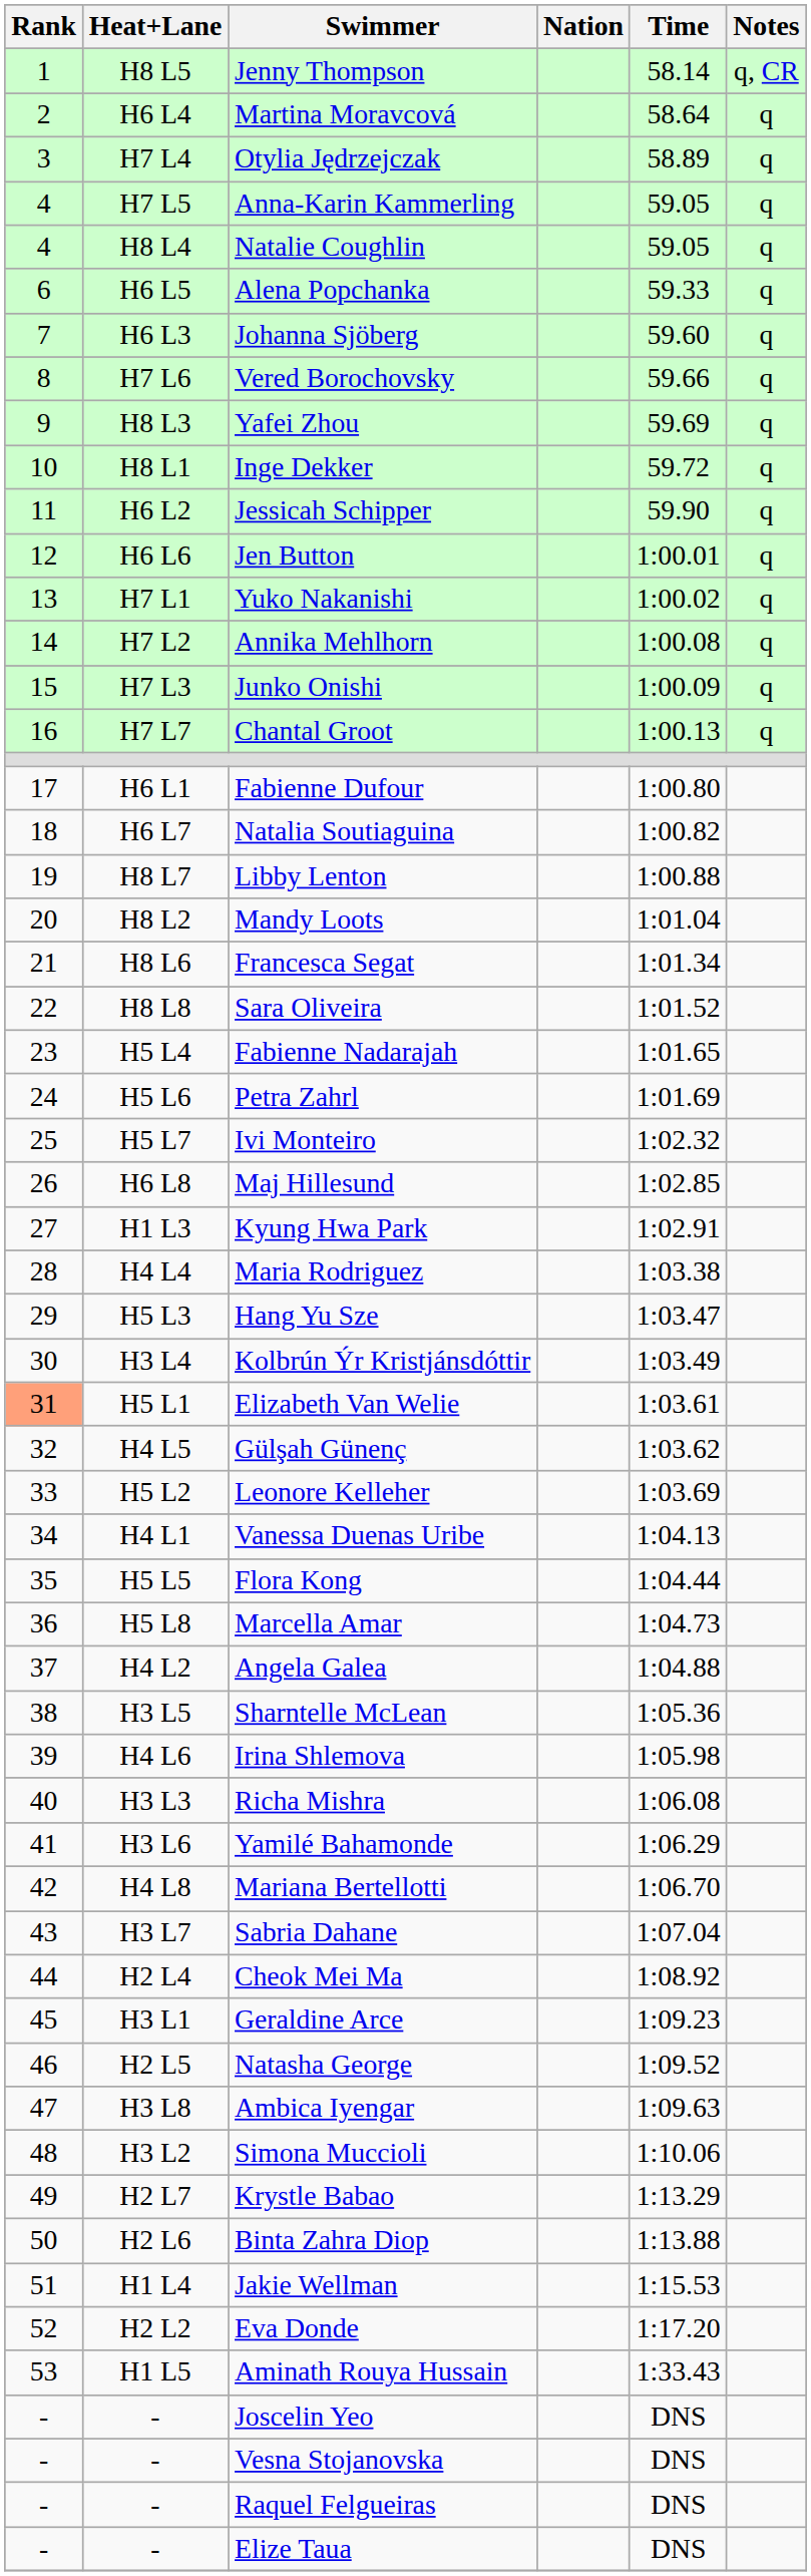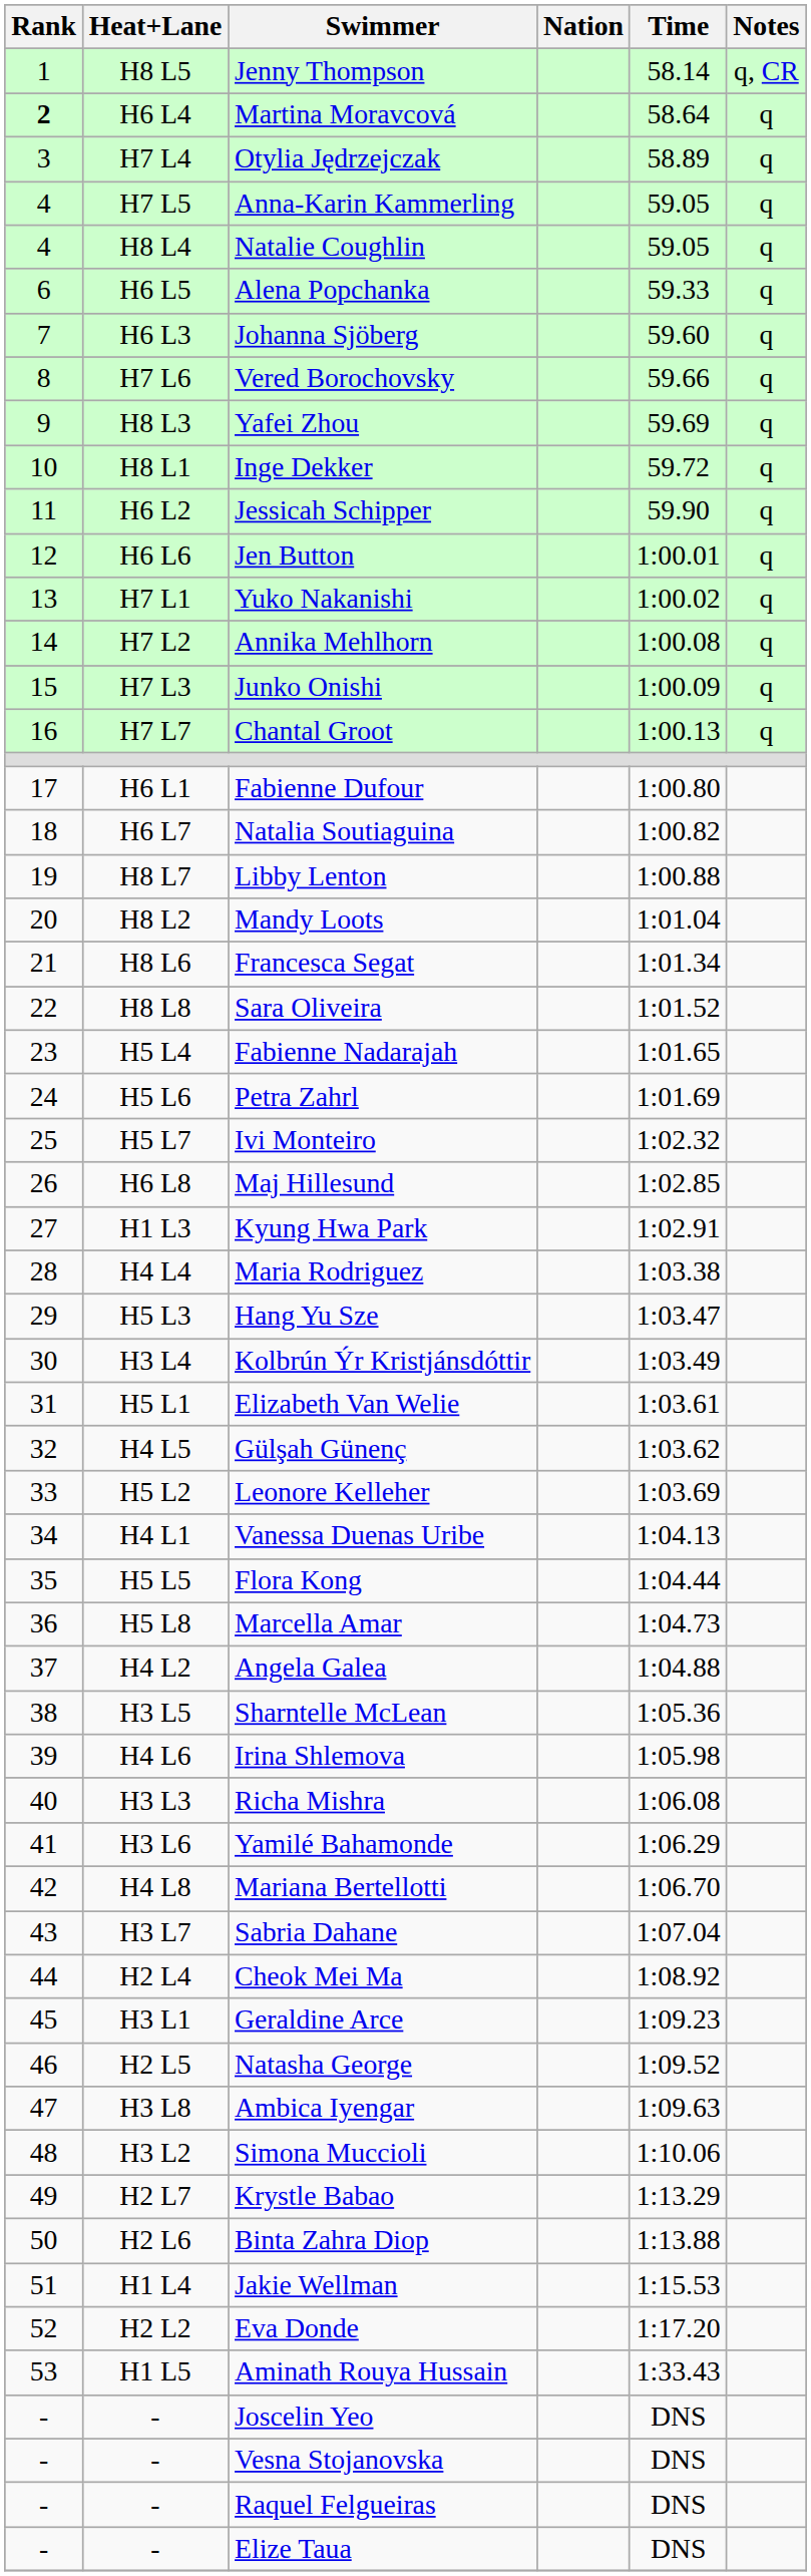 <table class="wikitable sortable" style="text-align:center">
 <tr>
 <th>Rank</th>
 <th>Heat+Lane</th>
 <th>Swimmer</th>
 <th>Nation</th>
 <th>Time</th>
 <th>Notes</th>
 </tr>
 <tr bgcolor=ccffcc>
 <td>1</td>
 <td>H8 L5</td>
 <td align=left><a href='#'>Jenny Thompson</a></td>
 <td align=left></td>
 <td>58.14</td>
 <td>q, <a href='#'>CR</a></td>
 </tr>
 <tr bgcolor=ccffcc>
-<td>2</td>
+<td><strong>2</strong></td>
 <td>H6 L4</td>
 <td align=left><a href='#'>Martina Moravcová</a></td>
 <td align=left></td>
 <td>58.64</td>
 <td>q</td>
 </tr>
 <tr bgcolor=ccffcc>
 <td>3</td>
 <td>H7 L4</td>
 <td align=left><a href='#'>Otylia Jędrzejczak</a></td>
 <td align=left></td>
 <td>58.89</td>
 <td>q</td>
 </tr>
 <tr bgcolor=ccffcc>
 <td>4</td>
 <td>H7 L5</td>
 <td align=left><a href='#'>Anna-Karin Kammerling</a></td>
 <td align=left></td>
 <td>59.05</td>
 <td>q</td>
 </tr>
 <tr bgcolor=ccffcc>
 <td>4</td>
 <td>H8 L4</td>
 <td align=left><a href='#'>Natalie Coughlin</a></td>
 <td align=left></td>
 <td>59.05</td>
 <td>q</td>
 </tr>
 <tr bgcolor=ccffcc>
 <td>6</td>
 <td>H6 L5</td>
 <td align=left><a href='#'>Alena Popchanka</a></td>
 <td align=left></td>
 <td>59.33</td>
 <td>q</td>
 </tr>
 <tr bgcolor=ccffcc>
 <td>7</td>
 <td>H6 L3</td>
 <td align=left><a href='#'>Johanna Sjöberg</a></td>
 <td align=left></td>
 <td>59.60</td>
 <td>q</td>
 </tr>
 <tr bgcolor=ccffcc>
 <td>8</td>
 <td>H7 L6</td>
 <td align=left><a href='#'>Vered Borochovsky</a></td>
 <td align=left></td>
 <td>59.66</td>
 <td>q</td>
 </tr>
 <tr bgcolor=ccffcc>
 <td>9</td>
 <td>H8 L3</td>
 <td align=left><a href='#'>Yafei Zhou</a></td>
 <td align=left></td>
 <td>59.69</td>
 <td>q</td>
 </tr>
 <tr bgcolor=ccffcc>
 <td>10</td>
 <td>H8 L1</td>
 <td align=left><a href='#'>Inge Dekker</a></td>
 <td align=left></td>
 <td>59.72</td>
 <td>q</td>
 </tr>
 <tr bgcolor=ccffcc>
 <td>11</td>
 <td>H6 L2</td>
 <td align=left><a href='#'>Jessicah Schipper</a></td>
 <td align=left></td>
 <td>59.90</td>
 <td>q</td>
 </tr>
 <tr bgcolor=ccffcc>
 <td>12</td>
 <td>H6 L6</td>
 <td align=left><a href='#'>Jen Button</a></td>
 <td align=left></td>
 <td>1:00.01</td>
 <td>q</td>
 </tr>
 <tr bgcolor=ccffcc>
 <td>13</td>
 <td>H7 L1</td>
 <td align=left><a href='#'>Yuko Nakanishi</a></td>
 <td align=left></td>
 <td>1:00.02</td>
 <td>q</td>
 </tr>
 <tr bgcolor=ccffcc>
 <td>14</td>
 <td>H7 L2</td>
 <td align=left><a href='#'>Annika Mehlhorn</a></td>
 <td align=left></td>
 <td>1:00.08</td>
 <td>q</td>
 </tr>
 <tr bgcolor=ccffcc>
 <td>15</td>
 <td>H7 L3</td>
 <td align=left><a href='#'>Junko Onishi</a></td>
 <td align=left></td>
 <td>1:00.09</td>
 <td>q</td>
 </tr>
 <tr bgcolor=ccffcc>
 <td>16</td>
 <td>H7 L7</td>
 <td align=left><a href='#'>Chantal Groot</a></td>
 <td align=left></td>
 <td>1:00.13</td>
 <td>q</td>
 </tr>
 <tr bgcolor=#DDDDDD>
 <td colspan=6></td>
 </tr>
 <tr>
 <td>17</td>
 <td>H6 L1</td>
 <td align=left><a href='#'>Fabienne Dufour</a></td>
 <td align=left></td>
 <td>1:00.80</td>
 <td></td>
 </tr>
 <tr>
 <td>18</td>
 <td>H6 L7</td>
 <td align=left><a href='#'>Natalia Soutiaguina</a></td>
 <td align=left></td>
 <td>1:00.82</td>
 <td></td>
 </tr>
 <tr>
 <td>19</td>
 <td>H8 L7</td>
 <td align=left><a href='#'>Libby Lenton</a></td>
 <td align=left></td>
 <td>1:00.88</td>
 <td></td>
 </tr>
 <tr>
 <td>20</td>
 <td>H8 L2</td>
 <td align=left><a href='#'>Mandy Loots</a></td>
 <td align=left></td>
 <td>1:01.04</td>
 <td></td>
 </tr>
 <tr>
 <td>21</td>
 <td>H8 L6</td>
 <td align=left><a href='#'>Francesca Segat</a></td>
 <td align=left></td>
 <td>1:01.34</td>
 <td></td>
 </tr>
 <tr>
 <td>22</td>
 <td>H8 L8</td>
 <td align=left><a href='#'>Sara Oliveira</a></td>
 <td align=left></td>
 <td>1:01.52</td>
 <td></td>
 </tr>
 <tr>
 <td>23</td>
 <td>H5 L4</td>
 <td align=left><a href='#'>Fabienne Nadarajah</a></td>
 <td align=left></td>
 <td>1:01.65</td>
 <td></td>
 </tr>
 <tr>
 <td>24</td>
 <td>H5 L6</td>
 <td align=left><a href='#'>Petra Zahrl</a></td>
 <td align=left></td>
 <td>1:01.69</td>
 <td></td>
 </tr>
 <tr>
 <td>25</td>
 <td>H5 L7</td>
 <td align=left><a href='#'>Ivi Monteiro</a></td>
 <td align=left></td>
 <td>1:02.32</td>
 <td></td>
 </tr>
 <tr>
 <td>26</td>
 <td>H6 L8</td>
 <td align=left><a href='#'>Maj Hillesund</a></td>
 <td align=left></td>
 <td>1:02.85</td>
 <td></td>
 </tr>
 <tr>
 <td>27</td>
 <td>H1 L3</td>
 <td align=left><a href='#'>Kyung Hwa Park</a></td>
 <td align=left></td>
 <td>1:02.91</td>
 <td></td>
 </tr>
 <tr>
 <td>28</td>
 <td>H4 L4</td>
 <td align=left><a href='#'>Maria Rodriguez</a></td>
 <td align=left></td>
 <td>1:03.38</td>
 <td></td>
 </tr>
 <tr>
 <td>29</td>
 <td>H5 L3</td>
 <td align=left><a href='#'>Hang Yu Sze</a></td>
 <td align=left></td>
 <td>1:03.47</td>
 <td></td>
 </tr>
 <tr>
 <td>30</td>
 <td>H3 L4</td>
 <td align=left><a href='#'>Kolbrún Ýr Kristjánsdóttir</a></td>
 <td align=left></td>
 <td>1:03.49</td>
 <td></td>
 </tr>
 <tr>
-<td style="background: lightsalmon;">31</td>
+<td>31</td>
 <td>H5 L1</td>
 <td align=left><a href='#'>Elizabeth Van Welie</a></td>
 <td align=left></td>
 <td>1:03.61</td>
 <td></td>
 </tr>
 <tr>
 <td>32</td>
 <td>H4 L5</td>
 <td align=left><a href='#'>Gülşah Günenç</a></td>
 <td align=left></td>
 <td>1:03.62</td>
 <td></td>
 </tr>
 <tr>
 <td>33</td>
 <td>H5 L2</td>
 <td align=left><a href='#'>Leonore Kelleher</a></td>
 <td align=left></td>
 <td>1:03.69</td>
 <td></td>
 </tr>
 <tr>
 <td>34</td>
 <td>H4 L1</td>
 <td align=left><a href='#'>Vanessa Duenas Uribe</a></td>
 <td align=left></td>
 <td>1:04.13</td>
 <td></td>
 </tr>
 <tr>
 <td>35</td>
 <td>H5 L5</td>
 <td align=left><a href='#'>Flora Kong</a></td>
 <td align=left></td>
 <td>1:04.44</td>
 <td></td>
 </tr>
 <tr>
 <td>36</td>
 <td>H5 L8</td>
 <td align=left><a href='#'>Marcella Amar</a></td>
 <td align=left></td>
 <td>1:04.73</td>
 <td></td>
 </tr>
 <tr>
 <td>37</td>
 <td>H4 L2</td>
 <td align=left><a href='#'>Angela Galea</a></td>
 <td align=left></td>
 <td>1:04.88</td>
 <td></td>
 </tr>
 <tr>
 <td>38</td>
 <td>H3 L5</td>
 <td align=left><a href='#'>Sharntelle McLean</a></td>
 <td align=left></td>
 <td>1:05.36</td>
 <td></td>
 </tr>
 <tr>
 <td>39</td>
 <td>H4 L6</td>
 <td align=left><a href='#'>Irina Shlemova</a></td>
 <td align=left></td>
 <td>1:05.98</td>
 <td></td>
 </tr>
 <tr>
 <td>40</td>
 <td>H3 L3</td>
 <td align=left><a href='#'>Richa Mishra</a></td>
 <td align=left></td>
 <td>1:06.08</td>
 <td></td>
 </tr>
 <tr>
 <td>41</td>
 <td>H3 L6</td>
 <td align=left><a href='#'>Yamilé Bahamonde</a></td>
 <td align=left></td>
 <td>1:06.29</td>
 <td></td>
 </tr>
 <tr>
 <td>42</td>
 <td>H4 L8</td>
 <td align=left><a href='#'>Mariana Bertellotti</a></td>
 <td align=left></td>
 <td>1:06.70</td>
 <td></td>
 </tr>
 <tr>
 <td>43</td>
 <td>H3 L7</td>
 <td align=left><a href='#'>Sabria Dahane</a></td>
 <td align=left></td>
 <td>1:07.04</td>
 <td></td>
 </tr>
 <tr>
 <td>44</td>
 <td>H2 L4</td>
 <td align=left><a href='#'>Cheok Mei Ma</a></td>
 <td align=left></td>
 <td>1:08.92</td>
 <td></td>
 </tr>
 <tr>
 <td>45</td>
 <td>H3 L1</td>
 <td align=left><a href='#'>Geraldine Arce</a></td>
 <td align=left></td>
 <td>1:09.23</td>
 <td></td>
 </tr>
 <tr>
 <td>46</td>
 <td>H2 L5</td>
 <td align=left><a href='#'>Natasha George</a></td>
 <td align=left></td>
 <td>1:09.52</td>
 <td></td>
 </tr>
 <tr>
 <td>47</td>
 <td>H3 L8</td>
 <td align=left><a href='#'>Ambica Iyengar</a></td>
 <td align=left></td>
 <td>1:09.63</td>
 <td></td>
 </tr>
 <tr>
 <td>48</td>
 <td>H3 L2</td>
 <td align=left><a href='#'>Simona Muccioli</a></td>
 <td align=left></td>
 <td>1:10.06</td>
 <td></td>
 </tr>
 <tr>
 <td>49</td>
 <td>H2 L7</td>
 <td align=left><a href='#'>Krystle Babao</a></td>
 <td align=left></td>
 <td>1:13.29</td>
 <td></td>
 </tr>
 <tr>
 <td>50</td>
 <td>H2 L6</td>
 <td align=left><a href='#'>Binta Zahra Diop</a></td>
 <td align=left></td>
 <td>1:13.88</td>
 <td></td>
 </tr>
 <tr>
 <td>51</td>
 <td>H1 L4</td>
 <td align=left><a href='#'>Jakie Wellman</a></td>
 <td align=left></td>
 <td>1:15.53</td>
 <td></td>
 </tr>
 <tr>
 <td>52</td>
 <td>H2 L2</td>
 <td align=left><a href='#'>Eva Donde</a></td>
 <td align=left></td>
 <td>1:17.20</td>
 <td></td>
 </tr>
 <tr>
 <td>53</td>
 <td>H1 L5</td>
 <td align=left><a href='#'>Aminath Rouya Hussain</a></td>
 <td align=left></td>
 <td>1:33.43</td>
 <td></td>
 </tr>
 <tr>
 <td>-</td>
 <td>-</td>
 <td align=left><a href='#'>Joscelin Yeo</a></td>
 <td align=left></td>
 <td>DNS</td>
 <td></td>
 </tr>
 <tr>
 <td>-</td>
 <td>-</td>
 <td align=left><a href='#'>Vesna Stojanovska</a></td>
 <td align=left></td>
 <td>DNS</td>
 <td></td>
 </tr>
 <tr>
 <td>-</td>
 <td>-</td>
 <td align=left><a href='#'>Raquel Felgueiras</a></td>
 <td align=left></td>
 <td>DNS</td>
 <td></td>
 </tr>
 <tr>
 <td>-</td>
 <td>-</td>
 <td align=left><a href='#'>Elize Taua</a></td>
 <td align=left></td>
 <td>DNS</td>
 <td></td>
 </tr>
 <tr>
 </tr>
 </table>
